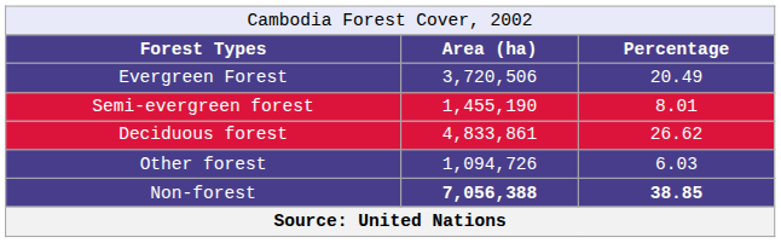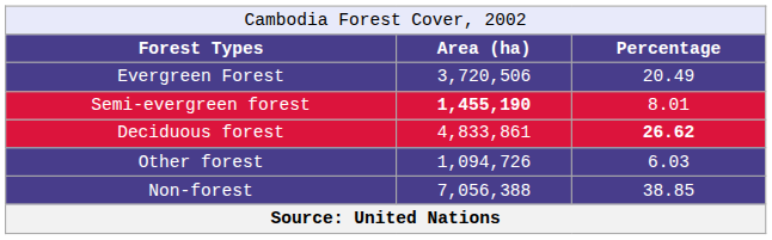 <table class="wikitable" style="float:left; text-align:center; width:45%;">
 <tr>
 <td colspan="22" style="text-align:center;font-size:100%; font-style:bold;background:#E8EAFA;">Cambodia Forest Cover, 2002</td>
 </tr>
 <tr>
 <th style="text-align:center; background:#483d8b; color:#fff;">Forest Types</th>
 <th style="text-align:center; background:#483d8b; color:#fff;">Area (ha)</th>
 <th style="text-align:center; background:#483d8b; color:#fff;">Percentage</th>
 </tr>
 <tr style="color:#fff; text-align:center; background:#483d8b;">
 <td>Evergreen Forest</td>
 <td>3,720,506</td>
 <td>20.49</td>
 </tr>
 <tr style="color:#fff; text-align:center; background:crimson;">
 <td>Semi-evergreen forest</td>
-<td>1,455,190</td>
+<td><strong>1,455,190</strong></td>
 <td>8.01</td>
 </tr>
 <tr style="color:#fff; text-align:center; background:crimson;">
 <td>Deciduous forest</td>
 <td>4,833,861</td>
-<td>26.62</td>
+<td><strong>26.62</strong></td>
 </tr>
 <tr style="color:#fff; text-align:center; background:#483d8b;">
 <td>Other forest</td>
 <td>1,094,726</td>
 <td>6.03</td>
 </tr>
 <tr>
 <td style="text-align:center; background:#483d8b; color:#fff;">Non-forest</td>
-<td style="text-align:center; background:#483d8b; color:#fff;"><strong>7,056,388</strong></td>
-<td style="text-align:center; background:#483d8b; color:#fff;"><strong>38.85</strong></td>
+<td style="text-align:center; background:#483d8b; color:#fff;">7,056,388</td>
+<td style="text-align:center; background:#483d8b; color:#fff;">38.85</td>
 </tr>
 <tr>
 <th colspan="5">Source: United Nations</th>
 </tr>
 </table>
